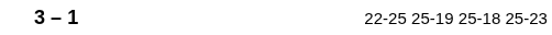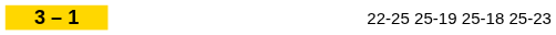 <table>
 <tr>
 <th width=200></th>
 <th width=80></th>
 <th width=200></th>
 <th width=220></th>
 </tr>
 <tr>
 <td align=right><strong></strong></td>
-<td align=center><strong>3 – 1</strong></td>
+<td align=center style="background: gold;"><strong>3 – 1</strong></td>
 <td></td>
 <td><small>22-25 25-19 25-18 25-23</small></td>
 </tr>
 </table>
